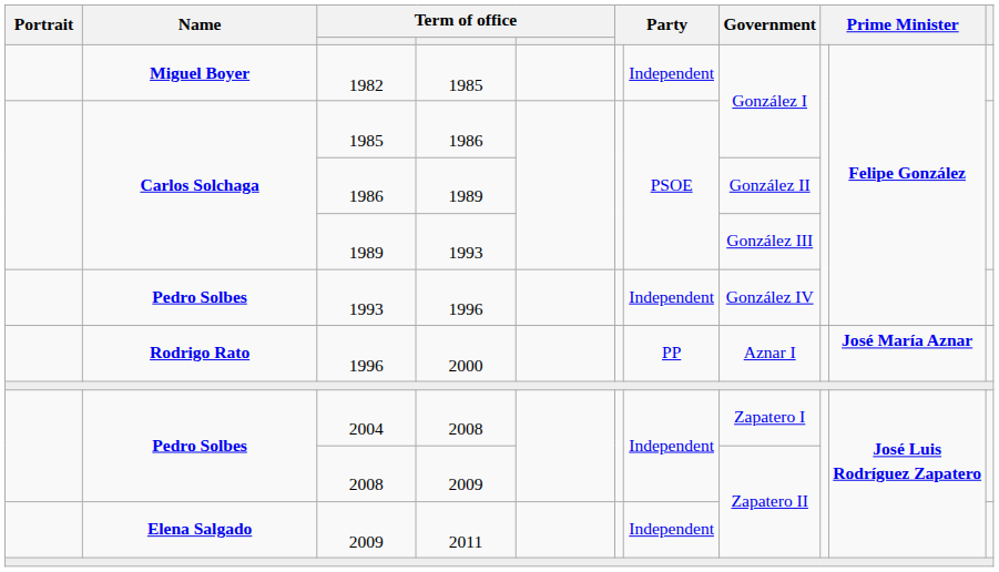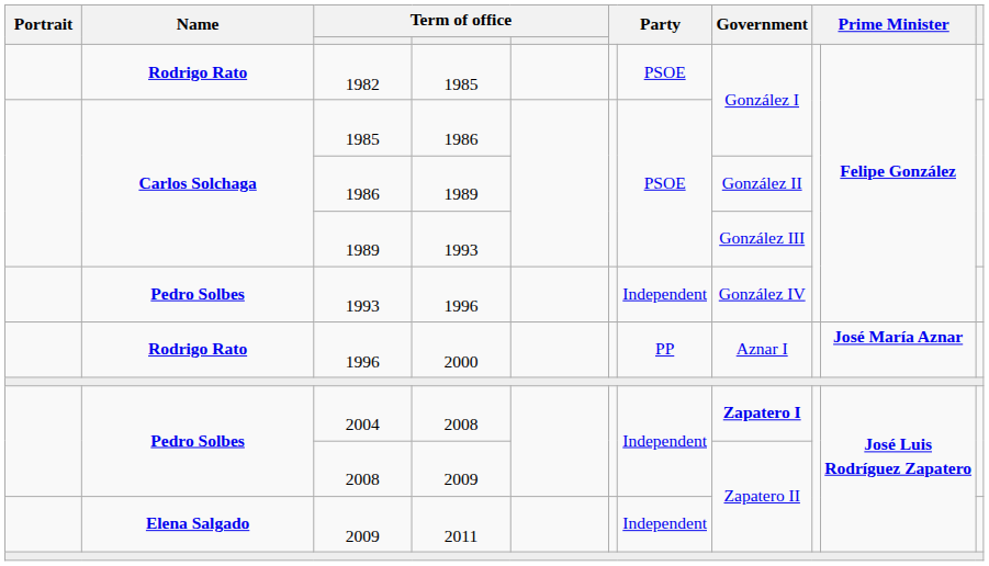 <table class="wikitable" style="line-height:1.4em; text-align:center; border:1px #aaf solid;">
 <tr>
 <th rowspan="2" width="65">Portrait</th>
 <th rowspan="2" width="210">Name<br></th>
 <th colspan="3">Term of office</th>
 <th rowspan="2" colspan="2" width="90">Party</th>
 <th rowspan="2">Government</th>
 <th rowspan="2" colspan="2"><a href='#'>Prime Minister</a><br></th>
 <th rowspan="2"></th>
 </tr>
 <tr>
 <th width="85"></th>
 <th width="85"></th>
 <th width="85"></th>
 </tr>
 <tr>
 <td></td>
-<td><strong><a href='#'>Miguel Boyer</a></strong><br></td>
+<td><strong><a href='#'>Rodrigo Rato</a></strong><br></td>
 <td class="nowrap"><br>1982</td>
 <td class="nowrap"><br>1985</td>
 <td style="font-size:95%;"></td>
 <td width="1" style="color:inherit;background:"></td>
-<td><a href='#'>Independent</a></td>
+<td><a href='#'>PSOE</a></td>
 <td rowspan="2"><a href='#'>González I</a></td>
 <td width="1" rowspan="5" style="background:"></td>
 <td rowspan="5"><strong><a href='#'>Felipe González</a></strong><br><br></td>
 <td align="center"><br></td>
 </tr>
 <tr>
 <td rowspan="3"></td>
 <td rowspan="3"><strong><a href='#'>Carlos Solchaga</a></strong><br></td>
 <td class="nowrap"><br>1985</td>
 <td class="nowrap"><br>1986</td>
 <td rowspan="3" style="font-size:95%;"></td>
 <td rowspan="3" style="color:inherit;background:"></td>
 <td rowspan="3"><a href='#'>PSOE</a></td>
 <td rowspan="3" align="center"><br><br><br></td>
 </tr>
 <tr>
 <td class="nowrap"><br>1986</td>
 <td class="nowrap"><br>1989</td>
 <td><a href='#'>González II</a></td>
 </tr>
 <tr>
 <td class="nowrap"><br>1989</td>
 <td class="nowrap"><br>1993</td>
 <td><a href='#'>González III</a></td>
 </tr>
 <tr>
 <td></td>
 <td><strong><a href='#'>Pedro Solbes</a></strong><br></td>
 <td class="nowrap"><br>1993</td>
 <td class="nowrap"><br>1996</td>
 <td style="font-size:95%;"></td>
 <td style="color:inherit;background:"></td>
 <td><a href='#'>Independent</a></td>
 <td><a href='#'>González IV</a></td>
 <td align="center"><br></td>
 </tr>
 <tr>
 <td></td>
 <td><strong><a href='#'>Rodrigo Rato</a></strong><br></td>
 <td class="nowrap"><br>1996</td>
 <td class="nowrap"><br>2000</td>
 <td style="font-size:95%;"></td>
 <td style="color:inherit;background:"></td>
 <td><a href='#'>PP</a></td>
 <td><a href='#'>Aznar I</a></td>
 <td style="color:inherit;background:"></td>
 <td><strong><a href='#'>José María Aznar</a></strong><br><br></td>
 <td align="center"><br></td>
 </tr>
 <tr>
 <td colspan="11" style="background:#EEEEEE;"></td>
 </tr>
 <tr>
 <td rowspan="2"></td>
 <td rowspan="2"><strong><a href='#'>Pedro Solbes</a></strong><br></td>
 <td class="nowrap"><br>2004</td>
 <td class="nowrap"><br>2008</td>
 <td rowspan="2" style="font-size:95%;"></td>
 <td rowspan="2" style="color:inherit;background:"></td>
 <td rowspan="2"><a href='#'>Independent</a></td>
-<td><a href='#'>Zapatero I</a></td>
+<td><strong><a href='#'>Zapatero I</a></strong></td>
 <td rowspan="3" style="color:inherit;background:"></td>
 <td rowspan="3"><strong><a href='#'>José Luis<br>Rodríguez Zapatero</a></strong><br><br></td>
 <td rowspan="2" align="center"><br><br></td>
 </tr>
 <tr>
 <td class="nowrap"><br>2008</td>
 <td class="nowrap"><br>2009</td>
 <td rowspan="2"><a href='#'>Zapatero II</a></td>
 </tr>
 <tr>
 <td></td>
 <td><strong><a href='#'>Elena Salgado</a></strong><br></td>
 <td class="nowrap"><br>2009</td>
 <td class="nowrap"><br>2011</td>
 <td style="font-size:95%;"></td>
 <td style="color:inherit;background:"></td>
 <td><a href='#'>Independent</a></td>
 <td align="center"><br></td>
 </tr>
 <tr>
 <td colspan="11" style="background:#EEEEEE;"></td>
 </tr>
 </table>
